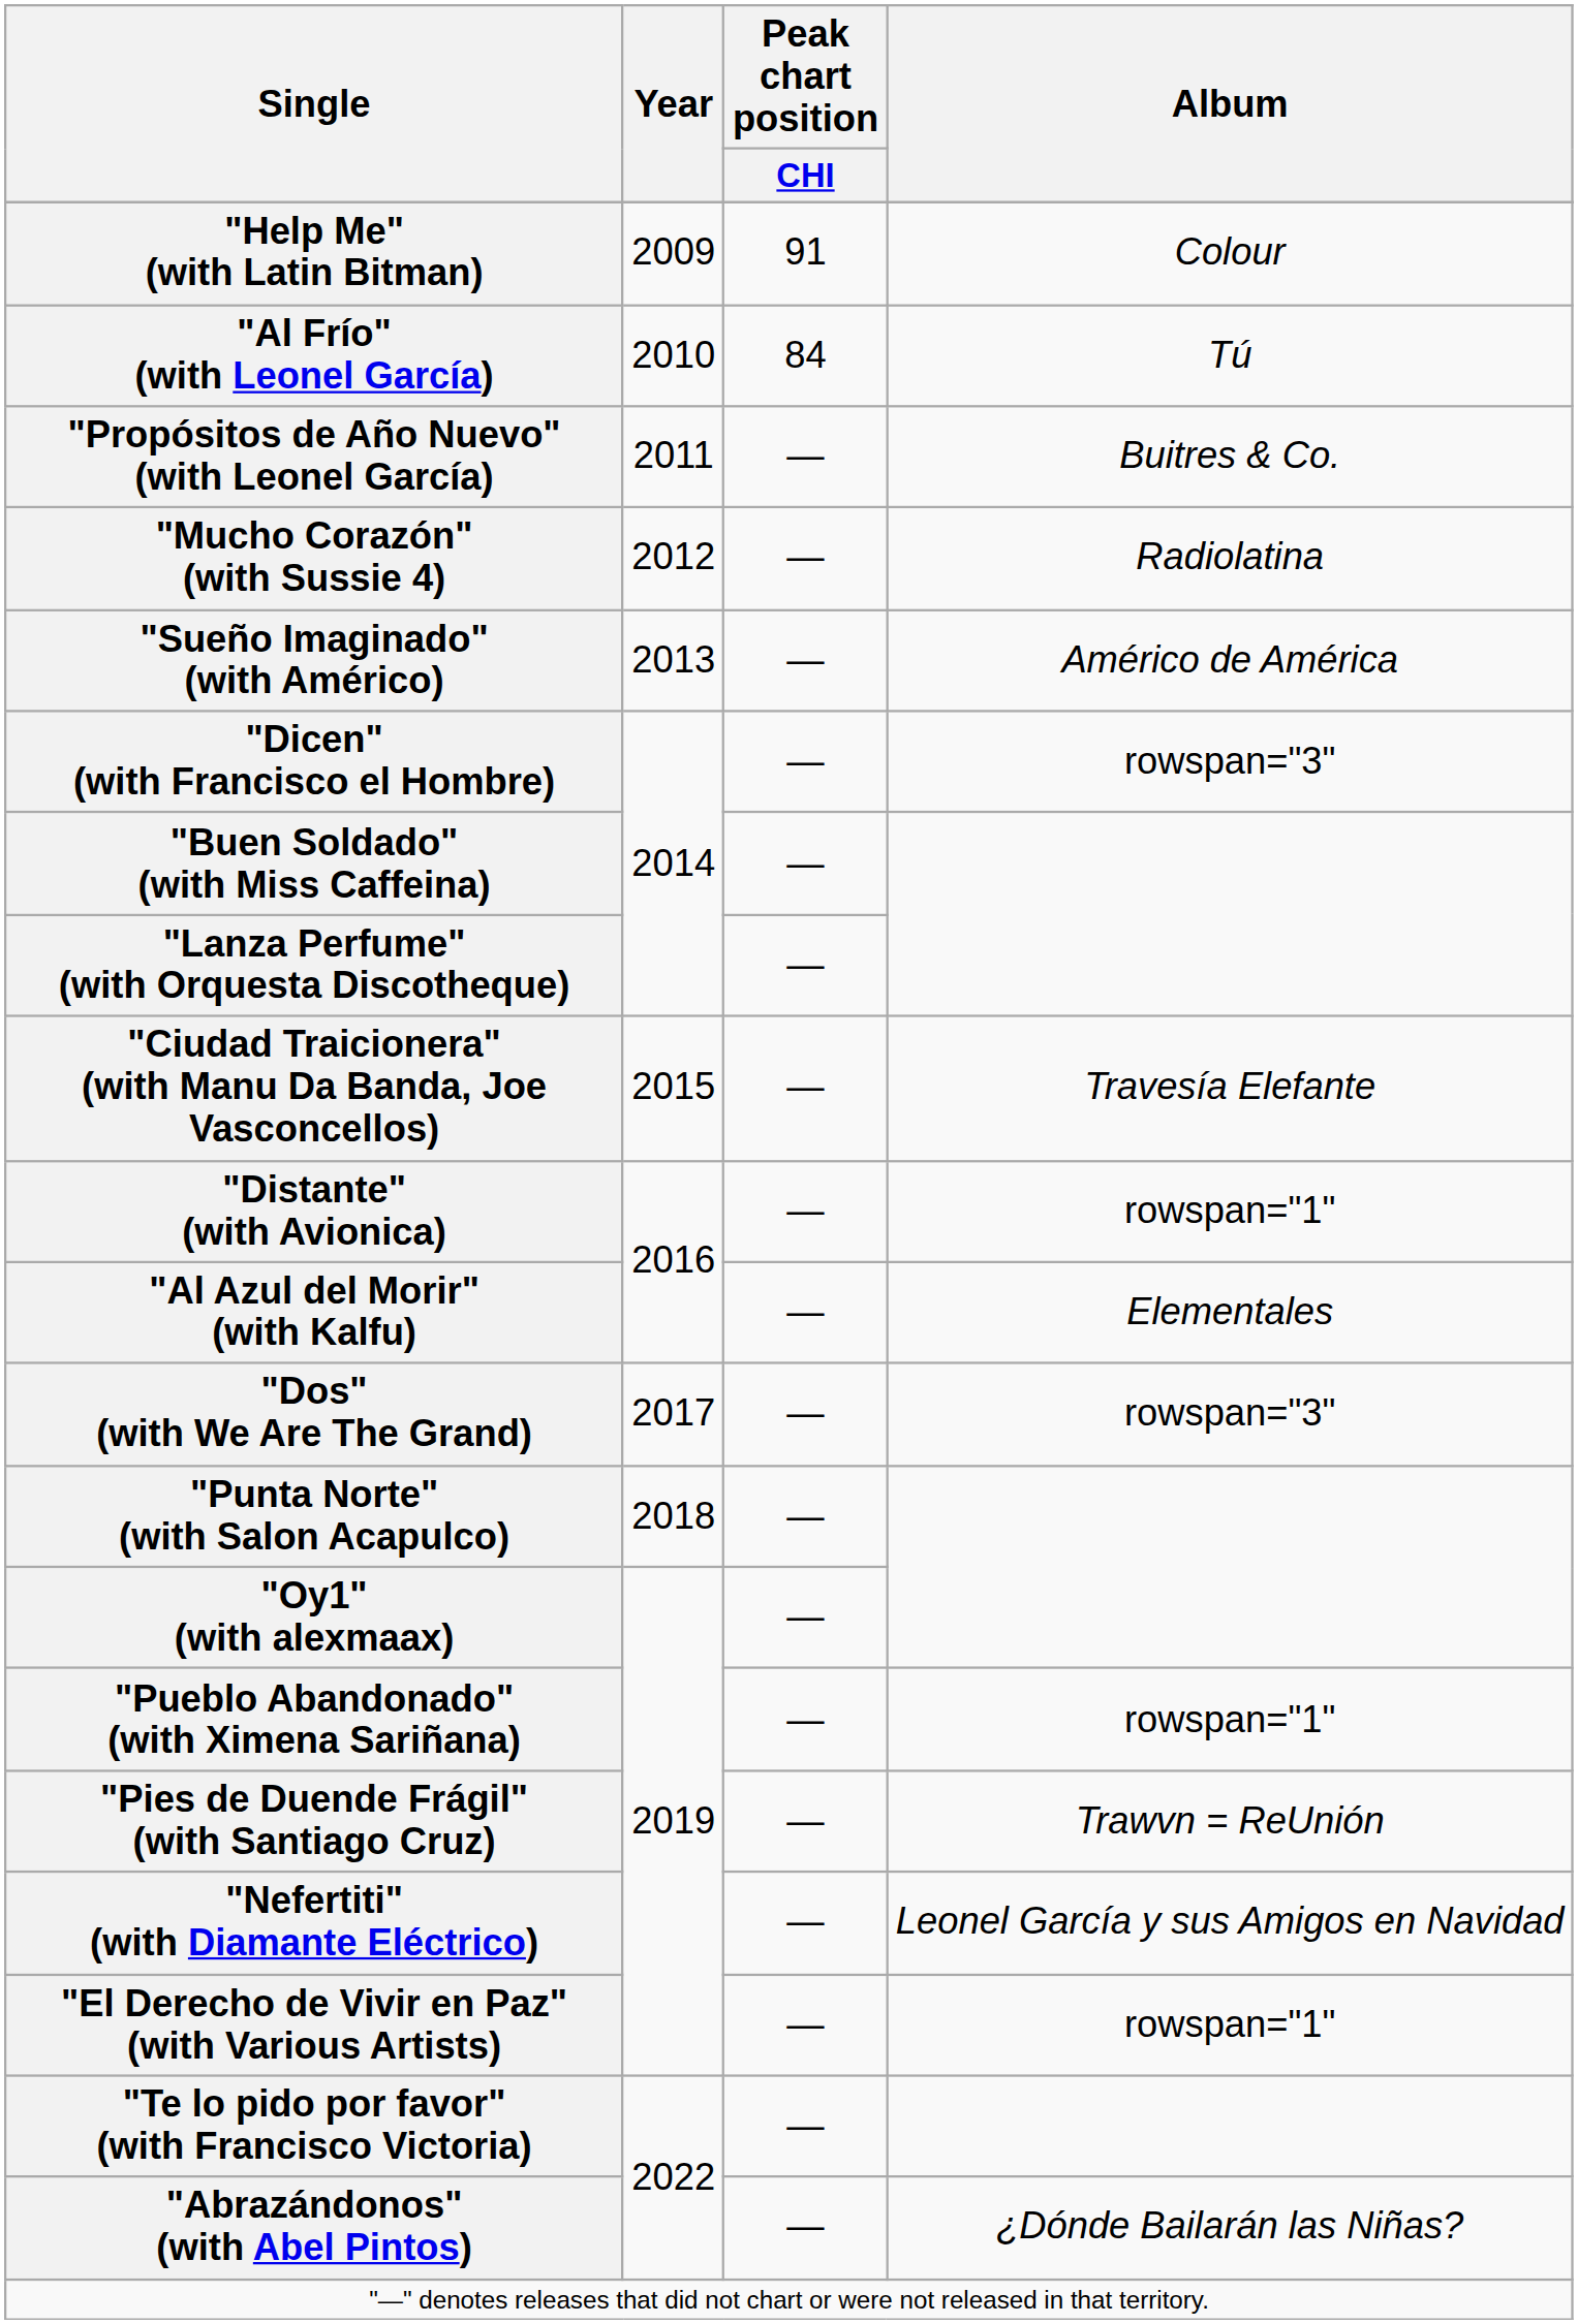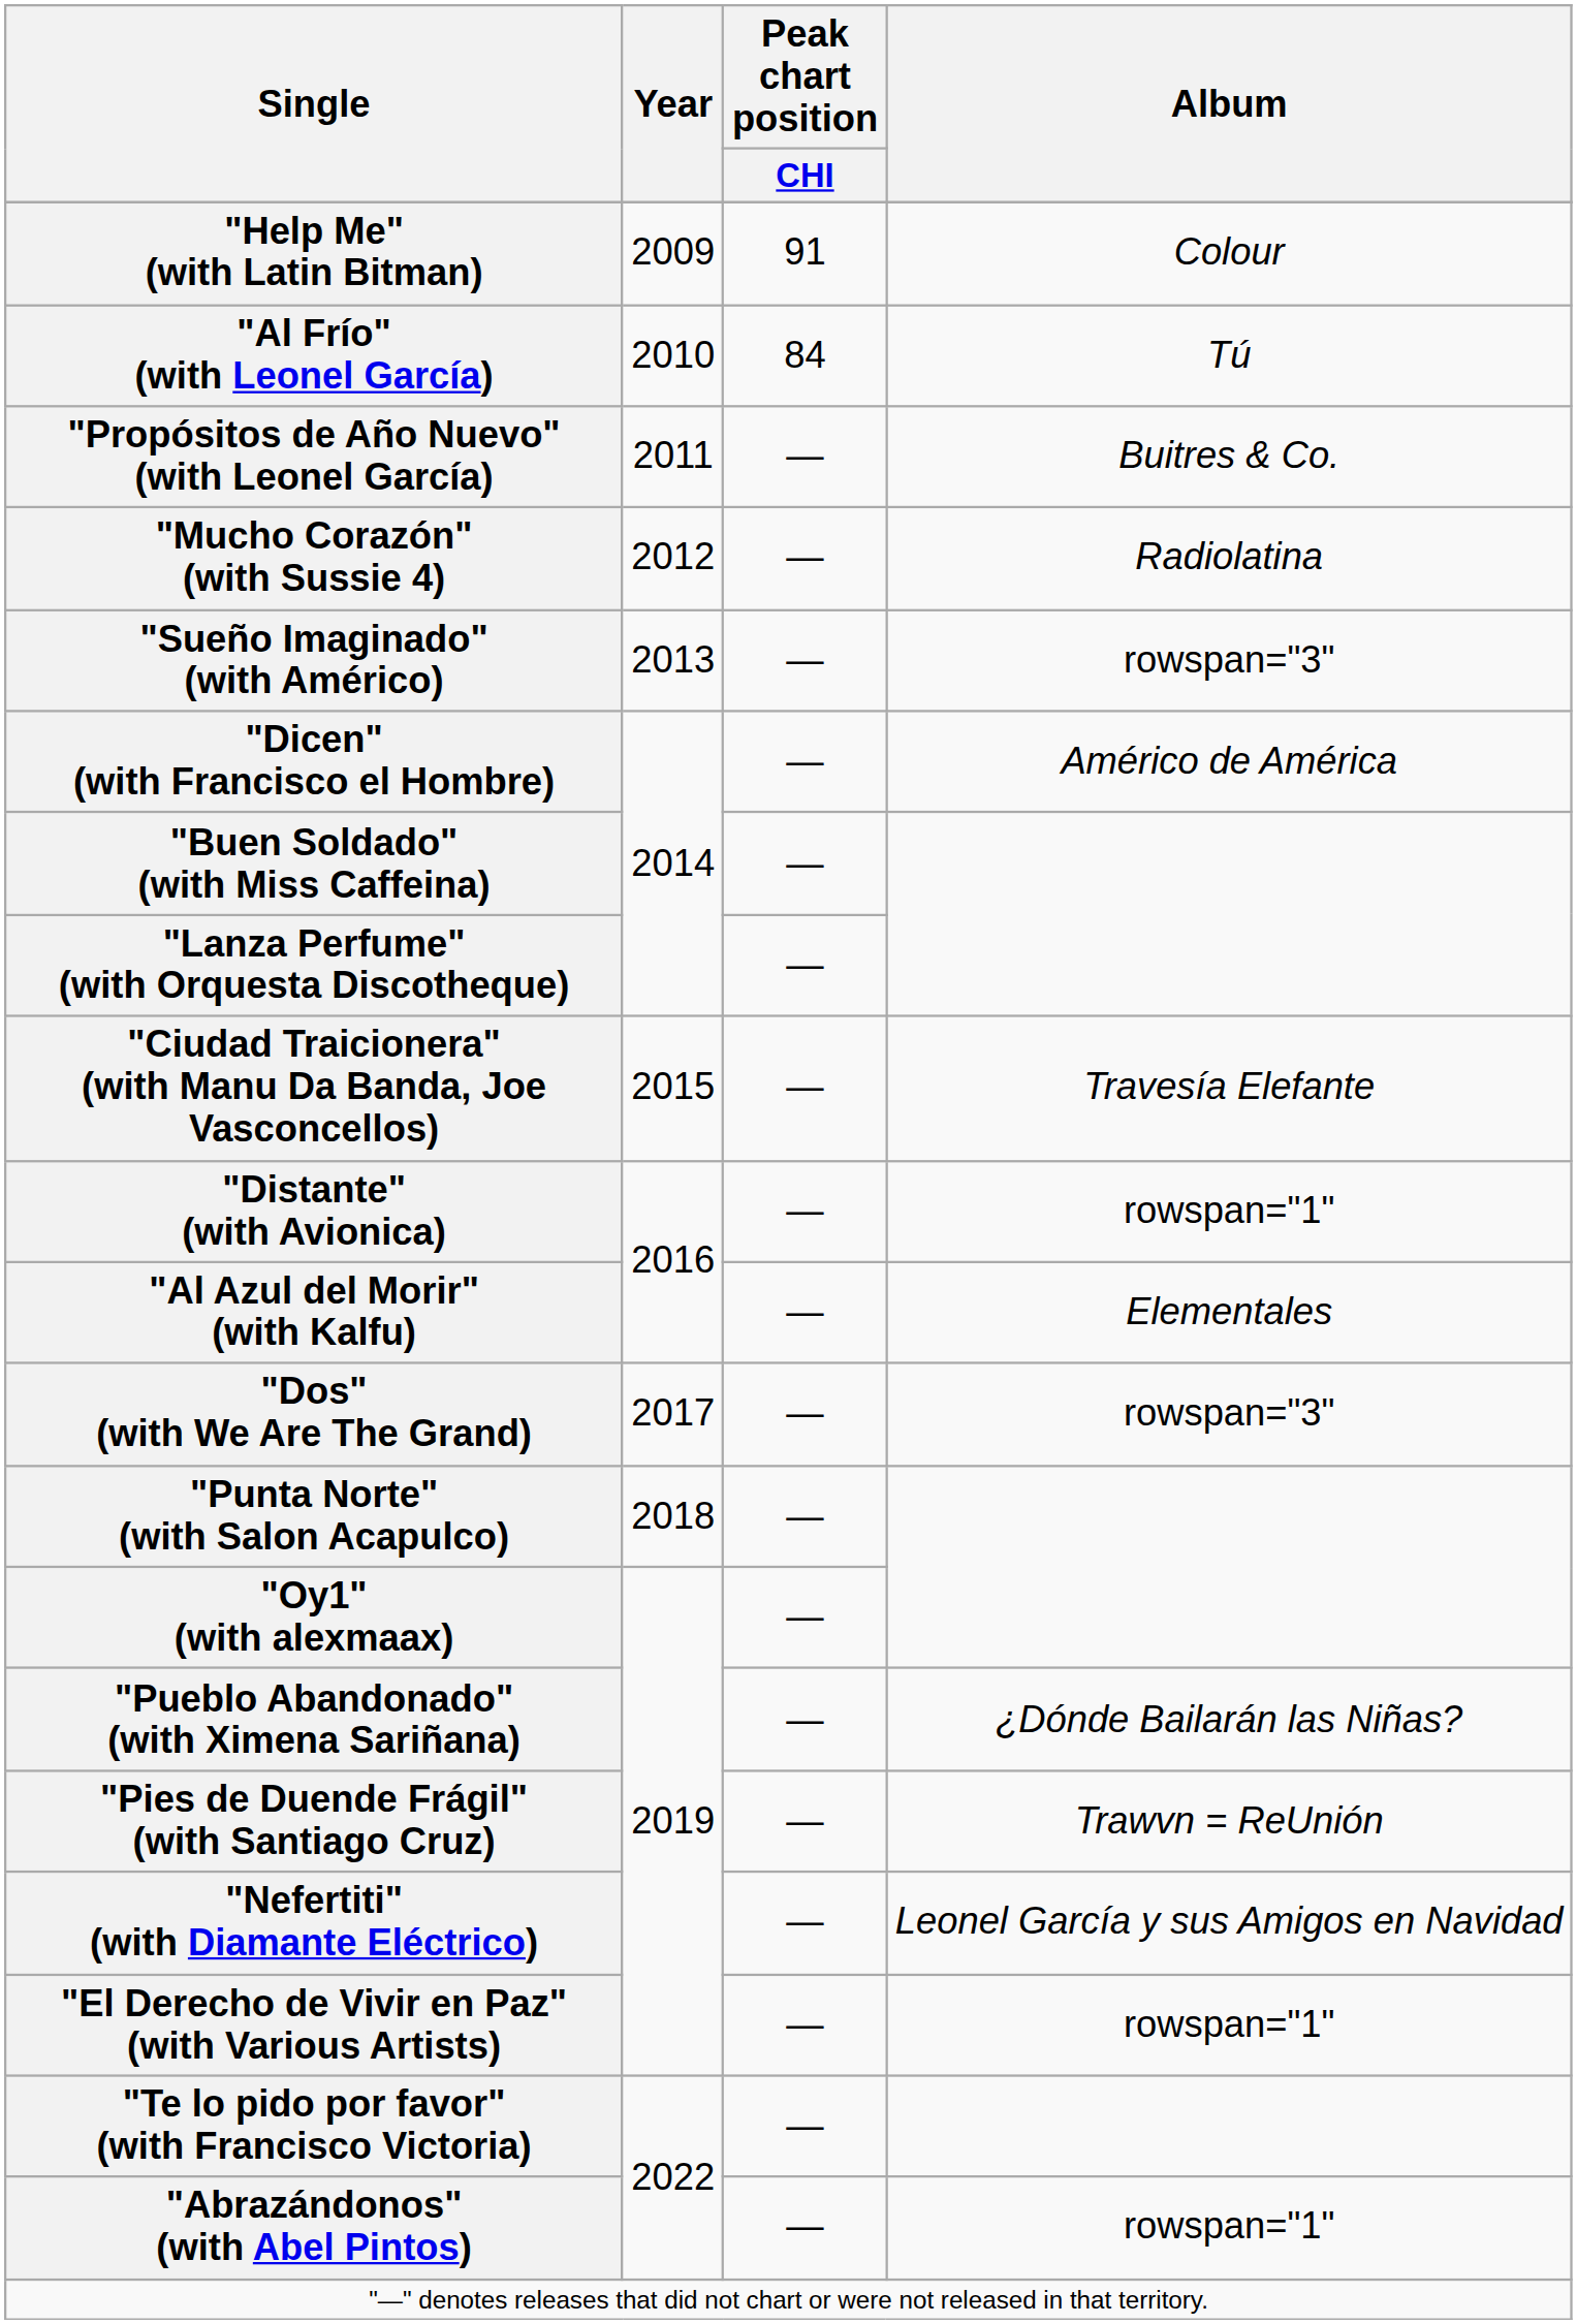 <table class="wikitable plainrowheaders" style="text-align:center;" border="1">
 <tr>
 <th scope="col" rowspan="2" style="width:16em;">Single</th>
 <th scope="col" rowspan="2">Year</th>
 <th scope="col" colspan="1">Peak chart position</th>
 <th scope="col" rowspan="2">Album</th>
 </tr>
 <tr>
 <th scope="col" style="width:3em;font-size:90%;"><a href='#'>CHI</a><br></th>
 </tr>
 <tr>
 </tr>
 <tr>
 <th scope="row">"Help Me"<br><span>(with Latin Bitman)</span></th>
 <td rowspan=1>2009</td>
 <td>91</td>
 <td rowspan="1"><em>Colour</em></td>
 </tr>
 <tr>
 <th scope="row">"Al Frío"<br><span>(with <a href='#'>Leonel García</a>)</span></th>
 <td rowspan=1>2010</td>
 <td>84</td>
 <td rowspan="1"><em>Tú</em></td>
 </tr>
 <tr>
 <th scope="row">"Propósitos de Año Nuevo"<br><span>(with Leonel García)</span></th>
 <td rowspan=1>2011</td>
 <td>—</td>
 <td rowspan="1"><em>Buitres & Co.</em></td>
 </tr>
 <tr>
 <th scope="row">"Mucho Corazón"<br><span>(with Sussie 4)</span></th>
 <td rowspan=1>2012</td>
 <td>—</td>
 <td rowspan="1"><em>Radiolatina</em></td>
 </tr>
 <tr>
 <th scope="row">"Sueño Imaginado"<br><span>(with Américo)</span></th>
 <td rowspan=1>2013</td>
 <td>—</td>
-<td rowspan="1"><em>Américo de América</em></td>
+<td>rowspan="3" </td>
 </tr>
 <tr>
 <th scope="row">"Dicen"<br><span>(with Francisco el Hombre)</span></th>
 <td rowspan=3>2014</td>
 <td>—</td>
-<td>rowspan="3" </td>
+<td rowspan="1"><em>Américo de América</em></td>
 </tr>
 <tr>
 <th scope="row">"Buen Soldado"<br><span>(with Miss Caffeina)</span></th>
 <td>—</td>
 </tr>
 <tr>
 <th scope="row">"Lanza Perfume"<br><span>(with Orquesta Discotheque)</span></th>
 <td>—</td>
 </tr>
 <tr>
 <th scope="row">"Ciudad Traicionera"<br><span>(with Manu Da Banda, Joe Vasconcellos)</span></th>
 <td rowspan=1>2015</td>
 <td>—</td>
 <td rowspan="1"><em>Travesía Elefante</em></td>
 </tr>
 <tr>
 <th scope="row">"Distante"<br><span>(with Avionica)</span></th>
 <td rowspan=2>2016</td>
 <td>—</td>
 <td>rowspan="1" </td>
 </tr>
 <tr>
 <th scope="row">"Al Azul del Morir"<br><span>(with Kalfu)</span></th>
 <td>—</td>
 <td rowspan="1"><em>Elementales</em></td>
 </tr>
 <tr>
 <th scope="row">"Dos"<br><span>(with We Are The Grand)</span></th>
 <td rowspan=1>2017</td>
 <td>—</td>
 <td>rowspan="3" </td>
 </tr>
 <tr>
 <th scope="row">"Punta Norte"<br><span>(with Salon Acapulco)</span></th>
 <td rowspan=1>2018</td>
 <td>—</td>
 </tr>
 <tr>
 <th scope="row">"Oy1"<br><span>(with alexmaax)</span></th>
 <td rowspan=5>2019</td>
 <td>—</td>
 </tr>
 <tr>
 <th scope="row">"Pueblo Abandonado"<br><span>(with Ximena Sariñana)</span></th>
 <td>—</td>
-<td>rowspan="1" </td>
+<td rowspan="1"><em>¿Dónde Bailarán las Niñas?</em></td>
 </tr>
 <tr>
 <th scope="row">"Pies de Duende Frágil"<br><span>(with Santiago Cruz)</span></th>
 <td>—</td>
 <td rowspan="1"><em>Trawvn = ReUnión</em></td>
 </tr>
 <tr>
 <th scope="row">"Nefertiti"<br><span>(with <a href='#'>Diamante Eléctrico</a>)</span></th>
 <td>—</td>
 <td rowspan="1"><em>Leonel García y sus Amigos en Navidad</em></td>
 </tr>
 <tr>
 <th scope="row">"El Derecho de Vivir en Paz"<br><span>(with Various Artists)</span></th>
 <td>—</td>
 <td>rowspan="1" </td>
 </tr>
 <tr>
 <th scope="row">"Te lo pido por favor"<br><span>(with Francisco Victoria)</span></th>
 <td rowspan="2">2022</td>
 <td>—</td>
 <td></td>
 </tr>
 <tr>
 <th scope="row">"Abrazándonos"<br><span>(with <a href='#'>Abel Pintos</a>)</span></th>
 <td>—</td>
-<td rowspan="1"><em>¿Dónde Bailarán las Niñas?</em></td>
+<td>rowspan="1" </td>
 </tr>
 <tr>
 <td align="center" colspan="13" style="font-size:8pt">"—" denotes releases that did not chart or were not released in that territory.</td>
 </tr>
 </table>
